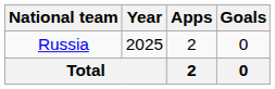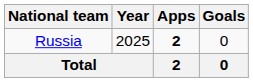 <table class=wikitable style=text-align:center>
 <tr>
 <th>National team</th>
 <th>Year</th>
 <th>Apps</th>
 <th>Goals</th>
 </tr>
 <tr>
 <td rowspan="1"><a href='#'>Russia</a></td>
 <td>2025</td>
-<td>2</td>
+<td><strong>2</strong></td>
 <td>0</td>
 </tr>
 <tr>
 <th colspan="2">Total</th>
 <th>2</th>
 <th>0</th>
 </tr>
 </table>
